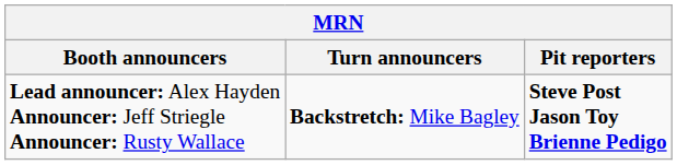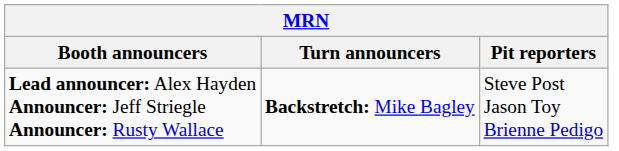 <table class="wikitable" style="font-size: 95%">
 <tr>
 <th colspan="3"><a href='#'>MRN</a></th>
 </tr>
 <tr>
 <th>Booth announcers</th>
 <th>Turn announcers</th>
 <th>Pit reporters</th>
 </tr>
 <tr>
 <td><strong>Lead announcer:</strong> Alex Hayden<br><strong>Announcer:</strong> Jeff Striegle<br><strong>Announcer:</strong> <a href='#'>Rusty Wallace</a></td>
 <td><strong>Backstretch:</strong> <a href='#'>Mike Bagley</a></td>
-<td><strong>Steve Post<br>Jason Toy<br><a href='#'>Brienne Pedigo</a></strong></td>
+<td>Steve Post<br>Jason Toy<br><a href='#'>Brienne Pedigo</a></td>
 </tr>
 </table>
